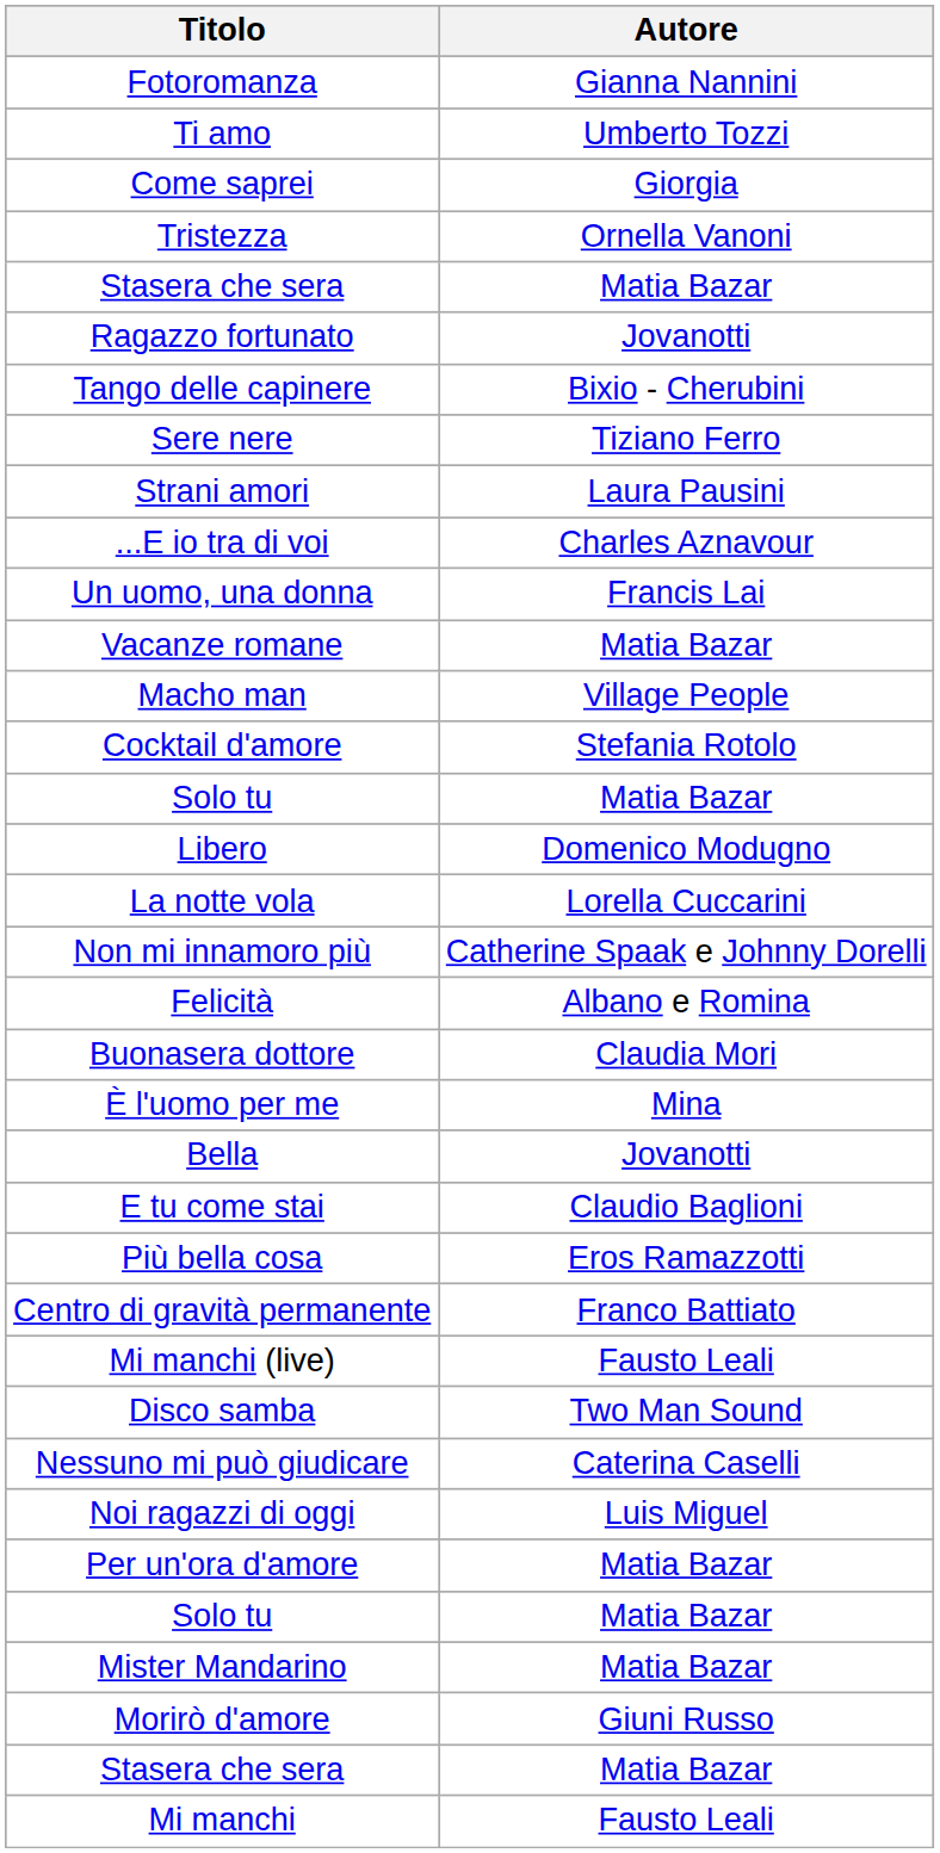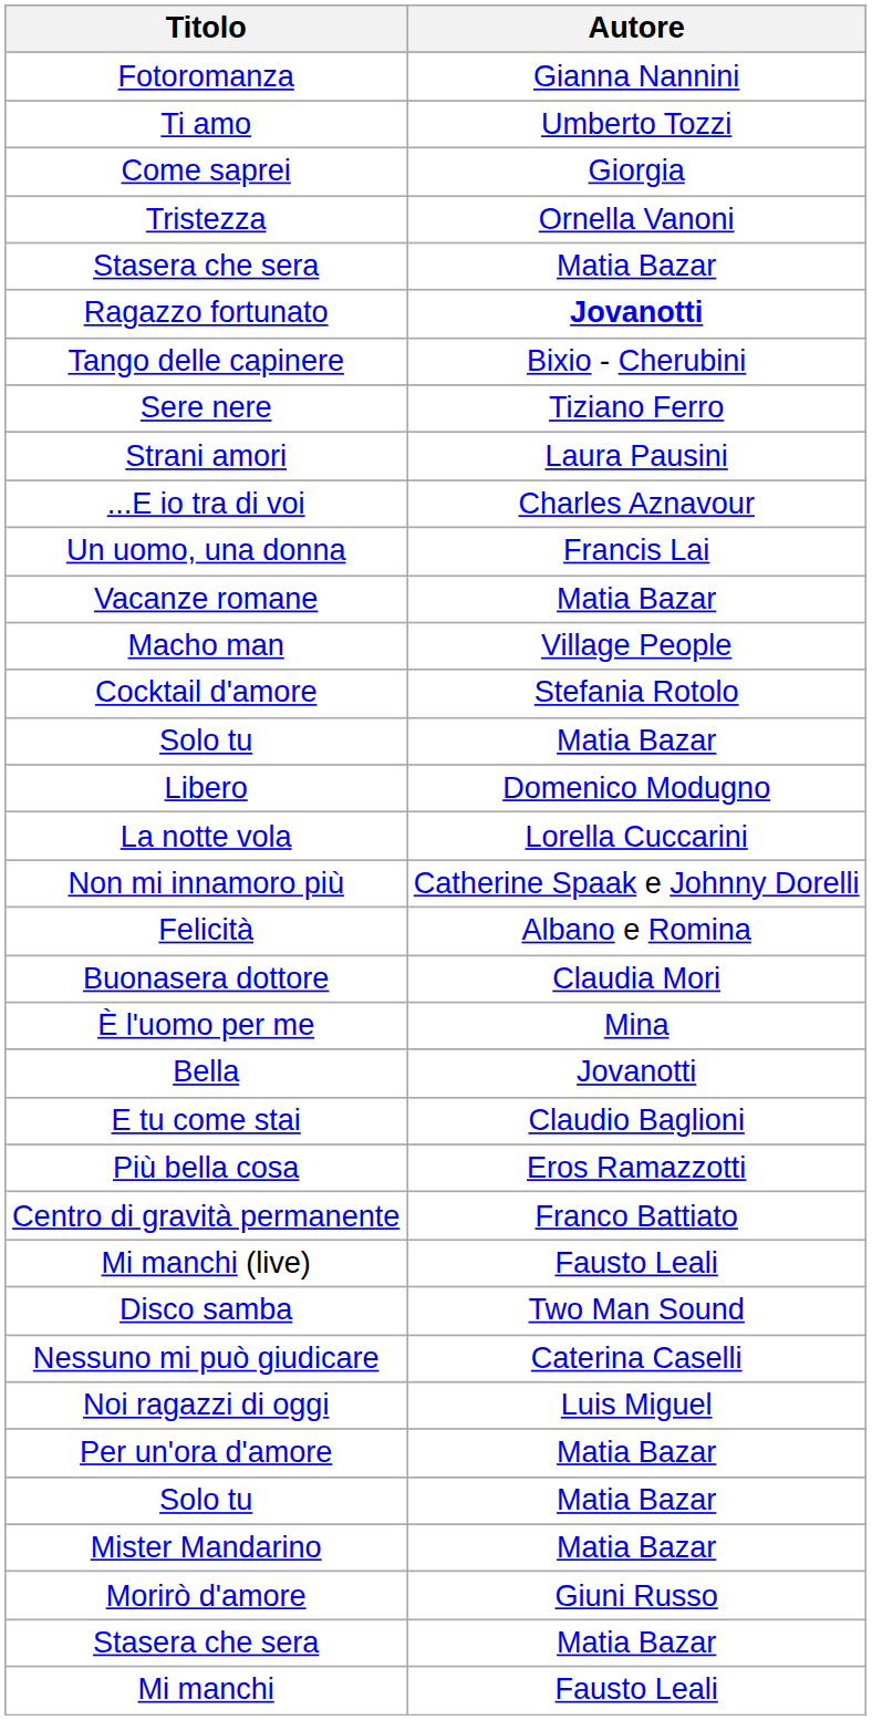 <table class="wikitable" style="text-align:center; background:#fff;">
 <tr>
 <th>Titolo</th>
 <th>Autore</th>
 </tr>
 <tr>
 <td><a href='#'>Fotoromanza</a></td>
 <td><a href='#'>Gianna Nannini</a></td>
 </tr>
 <tr>
 <td><a href='#'>Ti amo</a></td>
 <td><a href='#'>Umberto Tozzi</a></td>
 </tr>
 <tr>
 <td><a href='#'>Come saprei</a></td>
 <td><a href='#'>Giorgia</a></td>
 </tr>
 <tr>
 <td><a href='#'>Tristezza</a></td>
 <td><a href='#'>Ornella Vanoni</a></td>
 </tr>
 <tr>
 <td><a href='#'>Stasera che sera</a></td>
 <td><a href='#'>Matia Bazar</a></td>
 </tr>
 <tr>
 <td><a href='#'>Ragazzo fortunato</a></td>
-<td><a href='#'>Jovanotti</a></td>
+<td><strong><a href='#'>Jovanotti</a></strong></td>
 </tr>
 <tr>
 <td><a href='#'>Tango delle capinere</a></td>
 <td><a href='#'>Bixio</a> - <a href='#'>Cherubini</a></td>
 </tr>
 <tr>
 <td><a href='#'>Sere nere</a></td>
 <td><a href='#'>Tiziano Ferro</a></td>
 </tr>
 <tr>
 <td><a href='#'>Strani amori</a></td>
 <td><a href='#'>Laura Pausini</a></td>
 </tr>
 <tr>
 <td><a href='#'>...E io tra di voi</a></td>
 <td><a href='#'>Charles Aznavour</a></td>
 </tr>
 <tr>
 <td><a href='#'>Un uomo, una donna</a></td>
 <td><a href='#'>Francis Lai</a></td>
 </tr>
 <tr>
 <td><a href='#'>Vacanze romane</a></td>
 <td><a href='#'>Matia Bazar</a></td>
 </tr>
 <tr>
 <td><a href='#'>Macho man</a></td>
 <td><a href='#'>Village People</a></td>
 </tr>
 <tr>
 <td><a href='#'>Cocktail d'amore</a></td>
 <td><a href='#'>Stefania Rotolo</a></td>
 </tr>
 <tr>
 <td><a href='#'>Solo tu</a></td>
 <td><a href='#'>Matia Bazar</a></td>
 </tr>
 <tr>
 <td><a href='#'>Libero</a></td>
 <td><a href='#'>Domenico Modugno</a></td>
 </tr>
 <tr>
 <td><a href='#'>La notte vola</a></td>
 <td><a href='#'>Lorella Cuccarini</a></td>
 </tr>
 <tr>
 <td><a href='#'>Non mi innamoro più</a></td>
 <td><a href='#'>Catherine Spaak</a> e <a href='#'>Johnny Dorelli</a></td>
 </tr>
 <tr>
 <td><a href='#'>Felicità</a></td>
 <td><a href='#'>Albano</a> e <a href='#'>Romina</a></td>
 </tr>
 <tr>
 <td><a href='#'>Buonasera dottore</a></td>
 <td><a href='#'>Claudia Mori</a></td>
 </tr>
 <tr>
 <td><a href='#'>È l'uomo per me</a></td>
 <td><a href='#'>Mina</a></td>
 </tr>
 <tr>
 <td><a href='#'>Bella</a></td>
 <td><a href='#'>Jovanotti</a></td>
 </tr>
 <tr>
 <td><a href='#'>E tu come stai</a></td>
 <td><a href='#'>Claudio Baglioni</a></td>
 </tr>
 <tr>
 <td><a href='#'>Più bella cosa</a></td>
 <td><a href='#'>Eros Ramazzotti</a></td>
 </tr>
 <tr>
 <td><a href='#'>Centro di gravità permanente</a></td>
 <td><a href='#'>Franco Battiato</a></td>
 </tr>
 <tr>
 <td><a href='#'>Mi manchi</a> (live)</td>
 <td><a href='#'>Fausto Leali</a></td>
 </tr>
 <tr>
 <td><a href='#'>Disco samba</a></td>
 <td><a href='#'>Two Man Sound</a></td>
 </tr>
 <tr>
 <td><a href='#'>Nessuno mi può giudicare</a></td>
 <td><a href='#'>Caterina Caselli</a></td>
 </tr>
 <tr>
 <td><a href='#'>Noi ragazzi di oggi</a></td>
 <td><a href='#'>Luis Miguel</a></td>
 </tr>
 <tr>
 <td><a href='#'>Per un'ora d'amore</a></td>
 <td><a href='#'>Matia Bazar</a></td>
 </tr>
 <tr>
 <td><a href='#'>Solo tu</a></td>
 <td><a href='#'>Matia Bazar</a></td>
 </tr>
 <tr>
 <td><a href='#'>Mister Mandarino</a></td>
 <td><a href='#'>Matia Bazar</a></td>
 </tr>
 <tr>
 <td><a href='#'>Morirò d'amore</a></td>
 <td><a href='#'>Giuni Russo</a></td>
 </tr>
 <tr>
 <td><a href='#'>Stasera che sera</a></td>
 <td><a href='#'>Matia Bazar</a></td>
 </tr>
 <tr>
 <td><a href='#'>Mi manchi</a></td>
 <td><a href='#'>Fausto Leali</a></td>
 </tr>
 </table>
